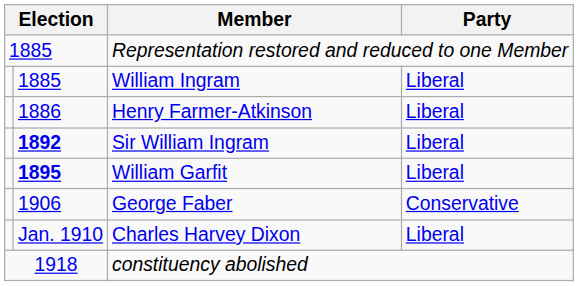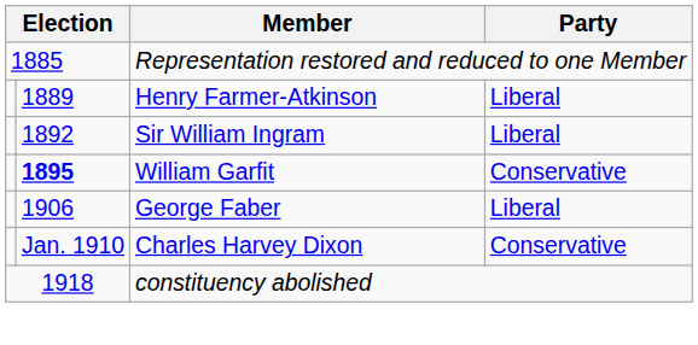 <table class="wikitable">
 <tr>
 <th colspan="2">Election</th>
 <th>Member</th>
 <th>Party</th>
 </tr>
 <tr>
 <td colspan="2"><a href='#'>1885</a></td>
 <td colspan="2"><em>Representation restored and reduced to one Member</em></td>
 </tr>
 <tr>
 <td style="color:inherit;background-color: "></td>
-<td><a href='#'>1885</a></td>
-<td><a href='#'>William Ingram</a></td>
-<td><a href='#'>Liberal</a></td>
-</tr>
-<tr>
-<td style="color:inherit;background-color: "></td>
-<td><a href='#'>1886</a></td>
+<td><a href='#'>1889</a></td>
 <td><a href='#'>Henry Farmer-Atkinson</a></td>
 <td><a href='#'>Liberal</a></td>
 </tr>
 <tr>
 <td style="color:inherit;background-color: "></td>
-<td><strong><a href='#'>1892</a></strong></td>
+<td><a href='#'>1892</a></td>
 <td><a href='#'>Sir William Ingram</a></td>
 <td><a href='#'>Liberal</a></td>
 </tr>
 <tr>
 <td style="color:inherit;background-color: "></td>
 <td><strong><a href='#'>1895</a></strong></td>
 <td><a href='#'>William Garfit</a></td>
-<td><a href='#'>Liberal</a></td>
+<td><a href='#'>Conservative</a></td>
 </tr>
 <tr>
 <td style="color:inherit;background-color: "></td>
 <td><a href='#'>1906</a></td>
 <td><a href='#'>George Faber</a></td>
-<td><a href='#'>Conservative</a></td>
+<td><a href='#'>Liberal</a></td>
 </tr>
 <tr>
 <td style="color:inherit;background-color: "></td>
 <td><a href='#'>Jan. 1910</a></td>
 <td><a href='#'>Charles Harvey Dixon</a></td>
-<td><a href='#'>Liberal</a></td>
+<td><a href='#'>Conservative</a></td>
 </tr>
 <tr>
 <td colspan="2" align="center"><a href='#'>1918</a></td>
 <td colspan="2"><em>constituency abolished</em></td>
 </tr>
 </table>
